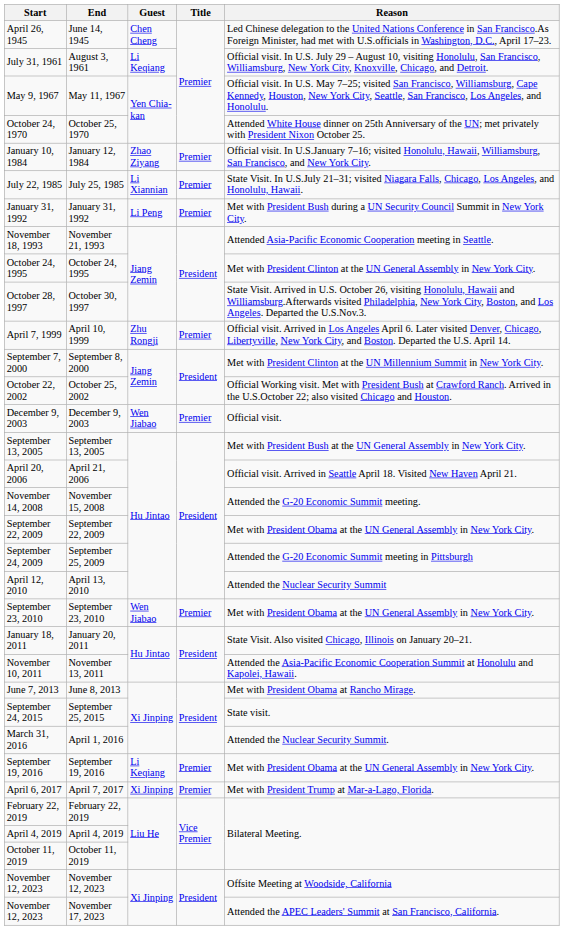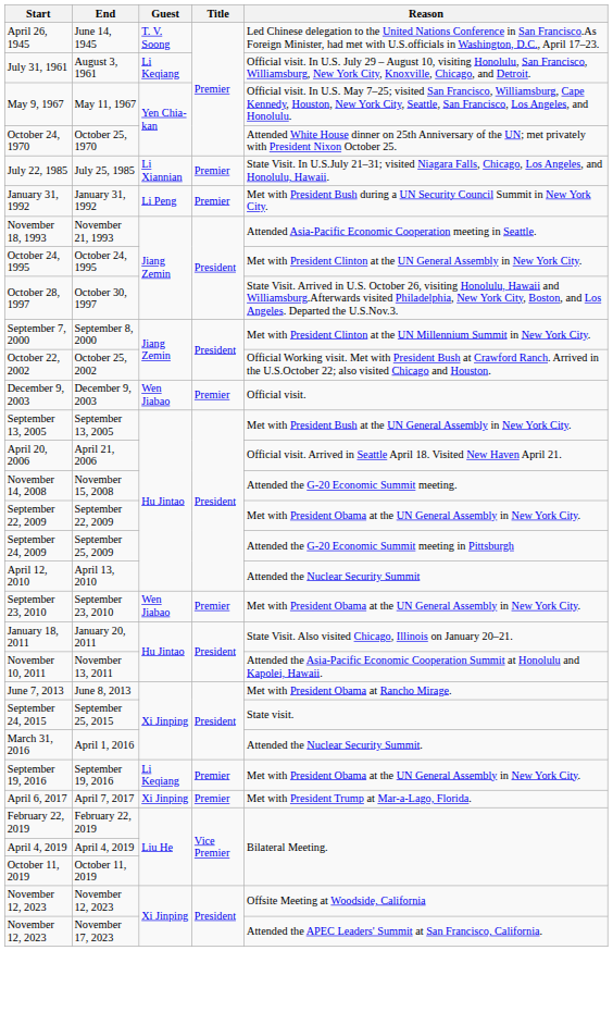 <table class="wikitable sortable">
 <tr>
 <th>Start</th>
 <th>End</th>
 <th>Guest</th>
 <th>Title</th>
 <th>Reason</th>
 </tr>
 <tr>
 <td>April 26, 1945</td>
 <td>June 14, 1945</td>
-<td><a href='#'>Chen Cheng</a></td>
+<td><a href='#'>T. V. Soong</a></td>
 <td rowspan=4><a href='#'>Premier</a></td>
 <td>Led Chinese delegation to the <a href='#'>United Nations Conference</a> in <a href='#'>San Francisco</a>.As Foreign Minister, had met with U.S.officials in <a href='#'>Washington, D.C.</a>, April 17–23.</td>
 </tr>
 <tr>
 <td>July 31, 1961</td>
 <td>August 3, 1961</td>
 <td><a href='#'>Li Keqiang</a></td>
 <td>Official visit. In U.S. July 29 – August 10, visiting <a href='#'>Honolulu</a>, <a href='#'>San Francisco</a>, <a href='#'>Williamsburg</a>, <a href='#'>New York City</a>, <a href='#'>Knoxville</a>, <a href='#'>Chicago</a>, and <a href='#'>Detroit</a>.</td>
 </tr>
 <tr>
 <td>May 9, 1967</td>
 <td>May 11, 1967</td>
 <td rowspan=2><a href='#'>Yen Chia-kan</a></td>
 <td>Official visit. In U.S. May 7–25; visited <a href='#'>San Francisco</a>, <a href='#'>Williamsburg</a>, <a href='#'>Cape Kennedy</a>, <a href='#'>Houston</a>, <a href='#'>New York City</a>, <a href='#'>Seattle</a>, <a href='#'>San Francisco</a>, <a href='#'>Los Angeles</a>, and <a href='#'>Honolulu</a>.</td>
 </tr>
 <tr>
 <td>October 24, 1970</td>
 <td>October 25, 1970</td>
 <td>Attended <a href='#'>White House</a> dinner on 25th Anniversary of the <a href='#'>UN</a>; met privately with <a href='#'>President Nixon</a> October 25.</td>
-</tr>
-<tr>
-<td>January 10, 1984</td>
-<td>January 12, 1984</td>
-<td><a href='#'>Zhao Ziyang</a></td>
-<td><a href='#'>Premier</a></td>
-<td>Official visit. In U.S.January 7–16; visited <a href='#'>Honolulu, Hawaii</a>, <a href='#'>Williamsburg</a>, <a href='#'>San Francisco</a>, and <a href='#'>New York City</a>.</td>
 </tr>
 <tr>
 <td>July 22, 1985</td>
 <td>July 25, 1985</td>
 <td><a href='#'>Li Xiannian</a></td>
 <td><a href='#'>Premier</a></td>
 <td>State Visit. In U.S.July 21–31; visited <a href='#'>Niagara Falls</a>, <a href='#'>Chicago</a>, <a href='#'>Los Angeles</a>, and <a href='#'>Honolulu, Hawaii</a>.</td>
 </tr>
 <tr>
 <td>January 31, 1992</td>
 <td>January 31, 1992</td>
 <td><a href='#'>Li Peng</a></td>
 <td><a href='#'>Premier</a></td>
 <td>Met with <a href='#'>President Bush</a> during a <a href='#'>UN Security Council</a> Summit in <a href='#'>New York City</a>.</td>
 </tr>
 <tr>
 <td>November 18, 1993</td>
 <td>November 21, 1993</td>
 <td rowspan=3><a href='#'>Jiang Zemin</a></td>
 <td rowspan=3><a href='#'>President</a></td>
 <td>Attended <a href='#'>Asia-Pacific Economic Cooperation</a> meeting in <a href='#'>Seattle</a>.</td>
 </tr>
 <tr>
 <td>October 24, 1995</td>
 <td>October 24, 1995</td>
 <td>Met with <a href='#'>President Clinton</a> at the <a href='#'>UN General Assembly</a> in <a href='#'>New York City</a>.</td>
 </tr>
 <tr>
 <td>October 28, 1997</td>
 <td>October 30, 1997</td>
 <td>State Visit. Arrived in U.S. October 26, visiting <a href='#'>Honolulu, Hawaii</a> and <a href='#'>Williamsburg</a>.Afterwards visited <a href='#'>Philadelphia</a>, <a href='#'>New York City</a>, <a href='#'>Boston</a>, and <a href='#'>Los Angeles</a>. Departed the U.S.Nov.3.</td>
-</tr>
-<tr>
-<td>April 7, 1999</td>
-<td>April 10, 1999</td>
-<td><a href='#'>Zhu Rongji</a></td>
-<td><a href='#'>Premier</a></td>
-<td>Official visit. Arrived in <a href='#'>Los Angeles</a> April 6. Later visited <a href='#'>Denver</a>, <a href='#'>Chicago</a>, <a href='#'>Libertyville</a>, <a href='#'>New York City</a>, and <a href='#'>Boston</a>. Departed the U.S. April 14.</td>
 </tr>
 <tr>
 <td>September 7, 2000</td>
 <td>September 8, 2000</td>
 <td rowspan=2><a href='#'>Jiang Zemin</a></td>
 <td rowspan=2><a href='#'>President</a></td>
 <td>Met with <a href='#'>President Clinton</a> at the <a href='#'>UN Millennium Summit</a> in <a href='#'>New York City</a>.</td>
 </tr>
 <tr>
 <td>October 22, 2002</td>
 <td>October 25, 2002</td>
 <td>Official Working visit. Met with <a href='#'>President Bush</a> at <a href='#'>Crawford Ranch</a>. Arrived in the U.S.October 22; also visited <a href='#'>Chicago</a> and <a href='#'>Houston</a>.</td>
 </tr>
 <tr>
 <td>December 9, 2003</td>
 <td>December 9, 2003</td>
 <td><a href='#'>Wen Jiabao</a></td>
 <td><a href='#'>Premier</a></td>
 <td>Official visit.</td>
 </tr>
 <tr>
 <td>September 13, 2005</td>
 <td>September 13, 2005</td>
 <td rowspan=6><a href='#'>Hu Jintao</a></td>
 <td rowspan=6><a href='#'>President</a></td>
 <td>Met with <a href='#'>President Bush</a> at the <a href='#'>UN General Assembly</a> in <a href='#'>New York City</a>.</td>
 </tr>
 <tr>
 <td>April 20, 2006</td>
 <td>April 21, 2006</td>
 <td>Official visit. Arrived in <a href='#'>Seattle</a> April 18. Visited <a href='#'>New Haven</a> April 21.</td>
 </tr>
 <tr>
 <td>November 14, 2008</td>
 <td>November 15, 2008</td>
 <td>Attended the <a href='#'>G-20 Economic Summit</a> meeting.</td>
 </tr>
 <tr>
 <td>September 22, 2009</td>
 <td>September 22, 2009</td>
 <td>Met with <a href='#'>President Obama</a> at the <a href='#'>UN General Assembly</a> in <a href='#'>New York City</a>.</td>
 </tr>
 <tr>
 <td>September 24, 2009</td>
 <td>September 25, 2009</td>
 <td>Attended the <a href='#'>G-20 Economic Summit</a> meeting in <a href='#'>Pittsburgh</a></td>
 </tr>
 <tr>
 <td>April 12, 2010</td>
 <td>April 13, 2010</td>
 <td>Attended the <a href='#'>Nuclear Security Summit</a></td>
 </tr>
 <tr>
 <td>September 23, 2010</td>
 <td>September 23, 2010</td>
 <td><a href='#'>Wen Jiabao</a></td>
 <td><a href='#'>Premier</a></td>
 <td>Met with <a href='#'>President Obama</a> at the <a href='#'>UN General Assembly</a> in <a href='#'>New York City</a>.</td>
 </tr>
 <tr>
 <td>January 18, 2011</td>
 <td>January 20, 2011</td>
 <td rowspan=2><a href='#'>Hu Jintao</a></td>
 <td rowspan=2><a href='#'>President</a></td>
 <td>State Visit. Also visited <a href='#'>Chicago</a>, <a href='#'>Illinois</a> on January 20–21.</td>
 </tr>
 <tr>
 <td>November 10, 2011</td>
 <td>November 13, 2011</td>
 <td>Attended the <a href='#'>Asia-Pacific Economic Cooperation Summit</a> at <a href='#'>Honolulu</a> and <a href='#'>Kapolei, Hawaii</a>.</td>
 </tr>
 <tr>
 <td>June 7, 2013</td>
 <td>June 8, 2013</td>
 <td rowspan=3><a href='#'>Xi Jinping</a></td>
 <td rowspan=3><a href='#'>President</a></td>
 <td>Met with <a href='#'>President Obama</a> at <a href='#'>Rancho Mirage</a>.</td>
 </tr>
 <tr>
 <td>September 24, 2015</td>
 <td>September 25, 2015</td>
 <td>State visit.</td>
 </tr>
 <tr>
 <td>March 31, 2016</td>
 <td>April 1, 2016</td>
 <td>Attended the <a href='#'>Nuclear Security Summit</a>.</td>
 </tr>
 <tr>
 <td>September 19, 2016</td>
 <td>September 19, 2016</td>
 <td><a href='#'>Li Keqiang</a></td>
 <td><a href='#'>Premier</a></td>
 <td>Met with <a href='#'>President Obama</a> at the <a href='#'>UN General Assembly</a> in <a href='#'>New York City</a>.</td>
 </tr>
 <tr>
 <td>April 6, 2017</td>
 <td>April 7, 2017</td>
 <td><a href='#'>Xi Jinping</a></td>
 <td><a href='#'>Premier</a></td>
 <td>Met with <a href='#'>President Trump</a> at <a href='#'>Mar-a-Lago, Florida</a>.</td>
 </tr>
 <tr>
 <td>February 22, 2019</td>
 <td>February 22, 2019</td>
 <td rowspan="3"><a href='#'>Liu He</a></td>
 <td rowspan="3"><a href='#'>Vice Premier</a></td>
 <td rowspan="3">Bilateral Meeting.</td>
 </tr>
 <tr>
 <td>April 4, 2019</td>
 <td>April 4, 2019</td>
 </tr>
 <tr>
 <td>October 11, 2019</td>
 <td>October 11, 2019</td>
 </tr>
 <tr>
 <td>November 12, 2023</td>
 <td>November 12, 2023</td>
 <td rowspan=2><a href='#'>Xi Jinping</a></td>
 <td rowspan=2><a href='#'>President</a></td>
 <td>Offsite Meeting at <a href='#'>Woodside, California</a></td>
 </tr>
 <tr>
 <td>November 12, 2023</td>
 <td>November 17, 2023</td>
 <td>Attended the <a href='#'>APEC Leaders' Summit</a> at <a href='#'>San Francisco, California</a>.</td>
 </tr>
 </table>
